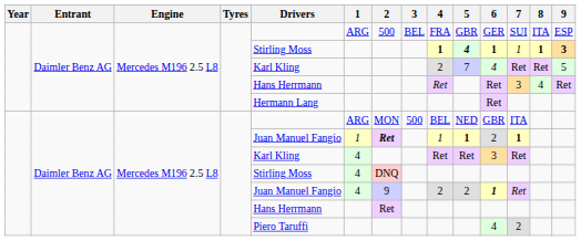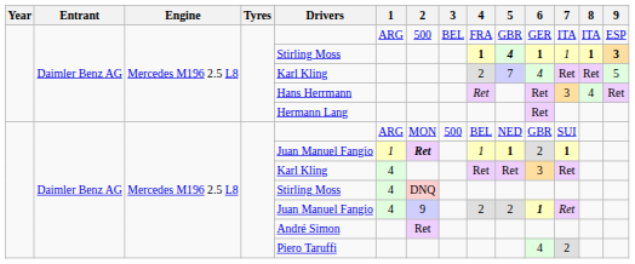 <table class="wikitable" style="text-align:center; font-size:95%">
 <tr>
 <th>Year</th>
 <th>Entrant</th>
 <th>Engine</th>
 <th>Tyres</th>
 <th>Drivers</th>
 <th>1</th>
 <th>2</th>
 <th>3</th>
 <th>4</th>
 <th>5</th>
 <th>6</th>
 <th>7</th>
 <th>8</th>
 <th>9</th>
 </tr>
 <tr>
 <td rowspan="5"></td>
 <td rowspan="5"><a href='#'>Daimler Benz AG</a></td>
 <td rowspan="5"><a href='#'>Mercedes M196</a> 2.5 <a href='#'>L8</a></td>
 <td rowspan="5"></td>
 <td></td>
 <td><a href='#'>ARG</a></td>
 <td><a href='#'>500</a></td>
 <td><a href='#'>BEL</a></td>
 <td><a href='#'>FRA</a></td>
 <td><a href='#'>GBR</a></td>
 <td><a href='#'>GER</a></td>
-<td><a href='#'>SUI</a></td>
+<td><a href='#'>ITA</a></td>
 <td><a href='#'>ITA</a></td>
 <td><a href='#'>ESP</a></td>
 </tr>
 <tr>
 <td align="left"> <a href='#'>Stirling Moss</a></td>
 <td></td>
 <td></td>
 <td></td>
 <td style="background:#ffffbf;"><strong>1</strong></td>
 <td style="background:#dfffdf;"><strong><em>4</em></strong></td>
 <td style="background:#ffffbf;"><strong>1</strong></td>
 <td style="background:#ffffbf;"><em>1</em></td>
 <td style="background:#ffffbf;"><strong>1</strong></td>
 <td style="background:#ffdf9f;"><strong>3</strong></td>
 </tr>
 <tr>
 <td align="left"> <a href='#'>Karl Kling</a></td>
 <td></td>
 <td></td>
 <td></td>
 <td style="background:#dfdfdf;">2</td>
 <td style="background:#cfcfff;">7</td>
 <td style="background:#dfffdf;"><em>4</em></td>
 <td style="background:#efcfff;">Ret</td>
 <td style="background:#efcfff;">Ret</td>
 <td style="background:#dfffdf;">5</td>
 </tr>
 <tr>
 <td align="left"> <a href='#'>Hans Herrmann</a></td>
 <td></td>
 <td></td>
 <td></td>
 <td style="background:#efcfff;"><em>Ret</em></td>
 <td></td>
 <td style="background:#efcfff;">Ret</td>
 <td style="background:#ffdf9f;">3</td>
 <td style="background:#dfffdf;">4</td>
 <td style="background:#efcfff;">Ret</td>
 </tr>
 <tr>
 <td align="left"> <a href='#'>Hermann Lang</a></td>
 <td></td>
 <td></td>
 <td></td>
 <td></td>
 <td></td>
 <td style="background:#efcfff;">Ret</td>
 <td></td>
 <td></td>
 <td></td>
 </tr>
 <tr>
 <td rowspan="7"></td>
 <td rowspan="7"><a href='#'>Daimler Benz AG</a></td>
 <td rowspan="7"><a href='#'>Mercedes M196</a> 2.5 <a href='#'>L8</a></td>
 <td rowspan="7"></td>
 <td></td>
 <td><a href='#'>ARG</a></td>
 <td><a href='#'>MON</a></td>
 <td><a href='#'>500</a></td>
 <td><a href='#'>BEL</a></td>
 <td><a href='#'>NED</a></td>
 <td><a href='#'>GBR</a></td>
-<td><a href='#'>ITA</a></td>
+<td><a href='#'>SUI</a></td>
 <td></td>
 <td></td>
 </tr>
 <tr>
 <td align="left"> <a href='#'>Juan Manuel Fangio</a></td>
 <td style="background:#ffffbf;"><em>1</em></td>
 <td style="background:#efcfff;"><strong><em>Ret</em></strong></td>
 <td></td>
 <td style="background:#ffffbf;"><em>1</em></td>
 <td style="background:#ffffbf;"><strong>1</strong></td>
 <td style="background:#dfdfdf;">2</td>
 <td style="background:#ffffbf;"><strong>1</strong></td>
 <td></td>
 <td></td>
 </tr>
 <tr>
 <td align="left"> <a href='#'>Karl Kling</a></td>
 <td style="background:#dfffdf;">4</td>
 <td></td>
 <td></td>
 <td style="background:#efcfff;">Ret</td>
 <td style="background:#efcfff;">Ret</td>
 <td style="background:#ffdf9f;">3</td>
 <td style="background:#efcfff;">Ret</td>
 <td></td>
 <td></td>
 </tr>
 <tr>
 <td align="left"> <a href='#'>Stirling Moss</a></td>
 <td style="background:#dfffdf;">4</td>
 <td style="background:#FFCFCF;">DNQ</td>
 <td></td>
 <td></td>
 <td></td>
 <td></td>
 <td></td>
 <td></td>
 <td></td>
 </tr>
 <tr>
 <td align="left"> <a href='#'>Juan Manuel Fangio</a></td>
 <td style="background:#dfffdf;">4</td>
 <td style="background:#cfcfff;">9</td>
 <td></td>
 <td style="background:#dfdfdf;">2</td>
 <td style="background:#dfdfdf;">2</td>
 <td style="background:#ffffbf;"><strong><em>1</em></strong></td>
 <td style="background:#efcfff;"><em>Ret</em></td>
 <td></td>
 <td></td>
 </tr>
 <tr>
-<td align="left"> <a href='#'>Hans Herrmann</a></td>
+<td align="left"> <a href='#'>André Simon</a></td>
 <td></td>
 <td style="background:#efcfff;">Ret</td>
 <td></td>
 <td></td>
 <td></td>
 <td></td>
 <td></td>
 <td></td>
 <td></td>
 </tr>
 <tr>
 <td align="left"> <a href='#'>Piero Taruffi</a></td>
 <td></td>
 <td></td>
 <td></td>
 <td></td>
 <td></td>
 <td style="background:#dfffdf;">4</td>
 <td style="background:#dfdfdf;">2</td>
 <td></td>
 <td></td>
 </tr>
 </table>
